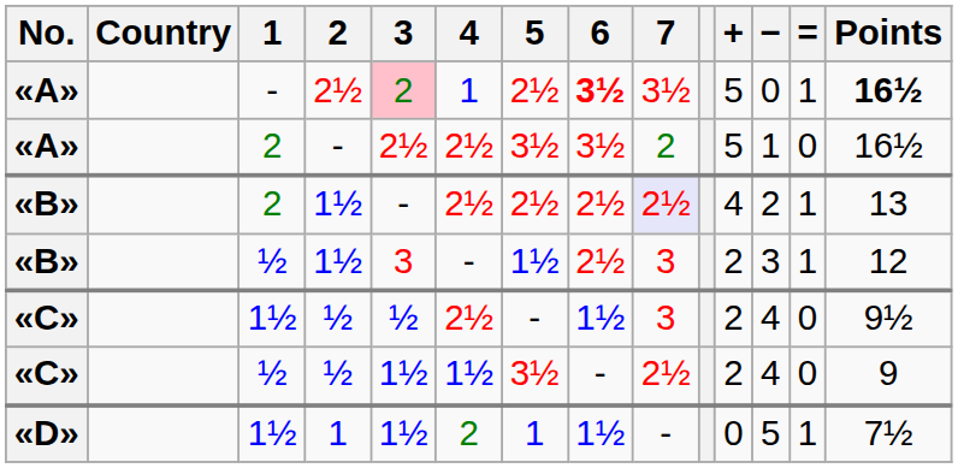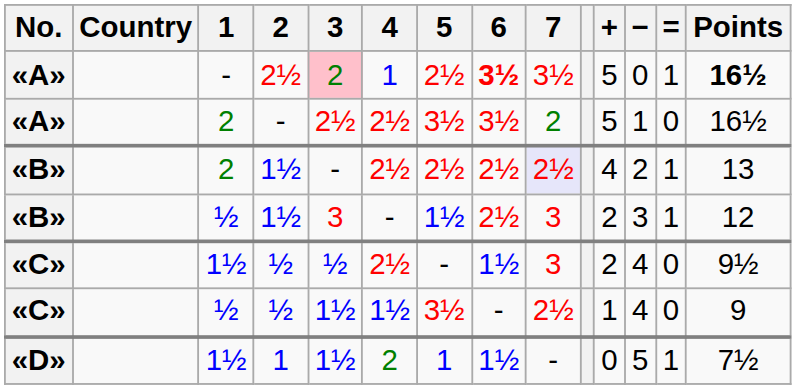 <table class="wikitable" style="text-align:center">
 <tr>
 <th>No.</th>
 <th>Country</th>
 <th>1</th>
 <th>2</th>
 <th>3</th>
 <th>4</th>
 <th>5</th>
 <th>6</th>
 <th>7</th>
 <th></th>
 <th>+</th>
 <th>−</th>
 <th>=</th>
 <th>Points</th>
 </tr>
 <tr>
 <th>«A»</th>
 <td style="text-align: left"></td>
 <td>-</td>
 <td style="color:red;">2½</td>
 <td style="background: pink; color:green;">2</td>
 <td style="color:blue;">1</td>
 <td style="color:red;">2½</td>
 <td style="color:red;"><strong>3½</strong></td>
 <td style="color:red;">3½</td>
 <th></th>
 <td>5</td>
 <td>0</td>
 <td>1</td>
 <td><strong>16½ </strong></td>
 </tr>
 <tr>
 <th>«A»</th>
 <td style="text-align: left"></td>
 <td style="color:green;">2</td>
 <td>-</td>
 <td style="color:red;">2½</td>
 <td style="color:red;">2½</td>
 <td style="color:red;">3½</td>
 <td style="color:red;">3½</td>
 <td style="color:green;">2</td>
 <th></th>
 <td>5</td>
 <td>1</td>
 <td>0</td>
 <td>16½</td>
 </tr>
 <tr style="border-top:2px solid grey;">
 <th>«B»</th>
 <td style="text-align: left"></td>
 <td style="color:green;">2</td>
 <td style="color:blue;">1½</td>
 <td>-</td>
 <td style="color:red;">2½</td>
 <td style="color:red;">2½</td>
 <td style="color:red;">2½</td>
 <td style="background: lavender; color:red;">2½</td>
 <th></th>
 <td>4</td>
 <td>2</td>
 <td>1</td>
 <td>13</td>
 </tr>
 <tr>
 <th>«B»</th>
 <td style="text-align: left"></td>
 <td style="color:blue;">½</td>
 <td style="color:blue;">1½</td>
 <td style="color:red;">3</td>
 <td>-</td>
 <td style="color:blue;">1½</td>
 <td style="color:red;">2½</td>
 <td style="color:red;">3</td>
 <th></th>
 <td>2</td>
 <td>3</td>
 <td>1</td>
 <td>12</td>
 </tr>
 <tr style="border-top:2px solid grey;">
 <th>«C»</th>
 <td style="text-align: left"></td>
 <td style="color:blue;">1½</td>
 <td style="color:blue;">½</td>
 <td style="color:blue;">½</td>
 <td style="color:red;">2½</td>
 <td>-</td>
 <td style="color:blue;">1½</td>
 <td style="color:red;">3</td>
 <th></th>
 <td>2</td>
 <td>4</td>
 <td>0</td>
 <td>9½</td>
 </tr>
 <tr>
 <th>«C»</th>
 <td style="text-align: left"></td>
 <td style="color:blue;">½</td>
 <td style="color:blue;">½</td>
 <td style="color:blue;">1½</td>
 <td style="color:blue;">1½</td>
 <td style="color:red;">3½</td>
 <td>-</td>
 <td style="color:red;">2½</td>
 <th></th>
-<td>2</td>
+<td>1</td>
 <td>4</td>
 <td>0</td>
 <td>9</td>
 </tr>
 <tr style="border-top:2px solid grey;">
 <th>«D»</th>
 <td style="text-align: left"></td>
 <td style="color:blue;">1½</td>
 <td style="color:blue;">1</td>
 <td style="color:blue;">1½</td>
 <td style="color:green;">2</td>
 <td style="color:blue;">1</td>
 <td style="color:blue;">1½</td>
 <td>-</td>
 <th></th>
 <td>0</td>
 <td>5</td>
 <td>1</td>
 <td>7½</td>
 </tr>
 </table>
